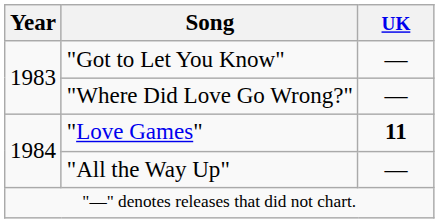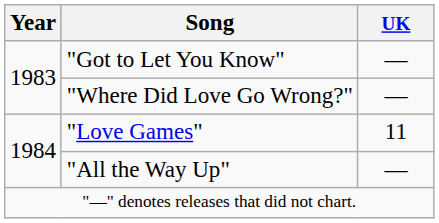 <table class="wikitable">
 <tr>
 <th>Year</th>
 <th>Song</th>
 <th style="width:45px;"><small><a href='#'>UK</a></small><br></th>
 </tr>
 <tr>
 <td rowspan="2">1983</td>
 <td>"Got to Let You Know"</td>
 <td align=center>—</td>
 </tr>
 <tr>
 <td>"Where Did Love Go Wrong?"</td>
 <td align=center>—</td>
 </tr>
 <tr>
 <td rowspan="2">1984</td>
 <td>"<a href='#'>Love Games</a>"</td>
-<td align=center><strong>11</strong></td>
+<td align=center>11</td>
 </tr>
 <tr>
 <td>"All the Way Up"</td>
 <td align=center>—</td>
 </tr>
 <tr>
 <td colspan="7" style="text-align:center; font-size:9pt;">"—" denotes releases that did not chart.</td>
 </tr>
 </table>
